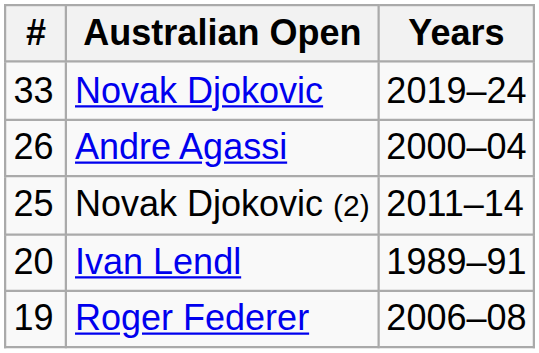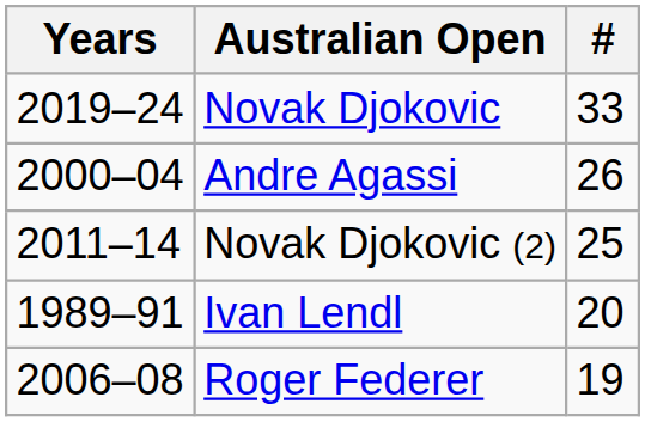 <table class="wikitable" style="display:inline-table;">
 <tr>
+<th>Years</th>
+<th>Australian Open</th>
 <th width=20>#</th>
-<th>Australian Open</th>
-<th>Years</th>
 </tr>
 <tr>
+<td>2019–24</td>
+<td> <a href='#'>Novak Djokovic</a></td>
 <td>33</td>
-<td> <a href='#'>Novak Djokovic</a></td>
-<td>2019–24</td>
 </tr>
 <tr>
+<td>2000–04</td>
+<td> <a href='#'>Andre Agassi</a></td>
 <td>26</td>
-<td> <a href='#'>Andre Agassi</a></td>
-<td>2000–04</td>
 </tr>
 <tr>
+<td>2011–14</td>
+<td> Novak Djokovic <small>(2)</small></td>
 <td>25</td>
-<td> Novak Djokovic <small>(2)</small></td>
-<td>2011–14</td>
 </tr>
 <tr>
+<td>1989–91</td>
+<td> <a href='#'>Ivan Lendl</a></td>
 <td>20</td>
-<td> <a href='#'>Ivan Lendl</a></td>
-<td>1989–91</td>
 </tr>
 <tr>
+<td>2006–08</td>
+<td> <a href='#'>Roger Federer</a></td>
 <td>19</td>
-<td> <a href='#'>Roger Federer</a></td>
-<td>2006–08</td>
 </tr>
 </table>
